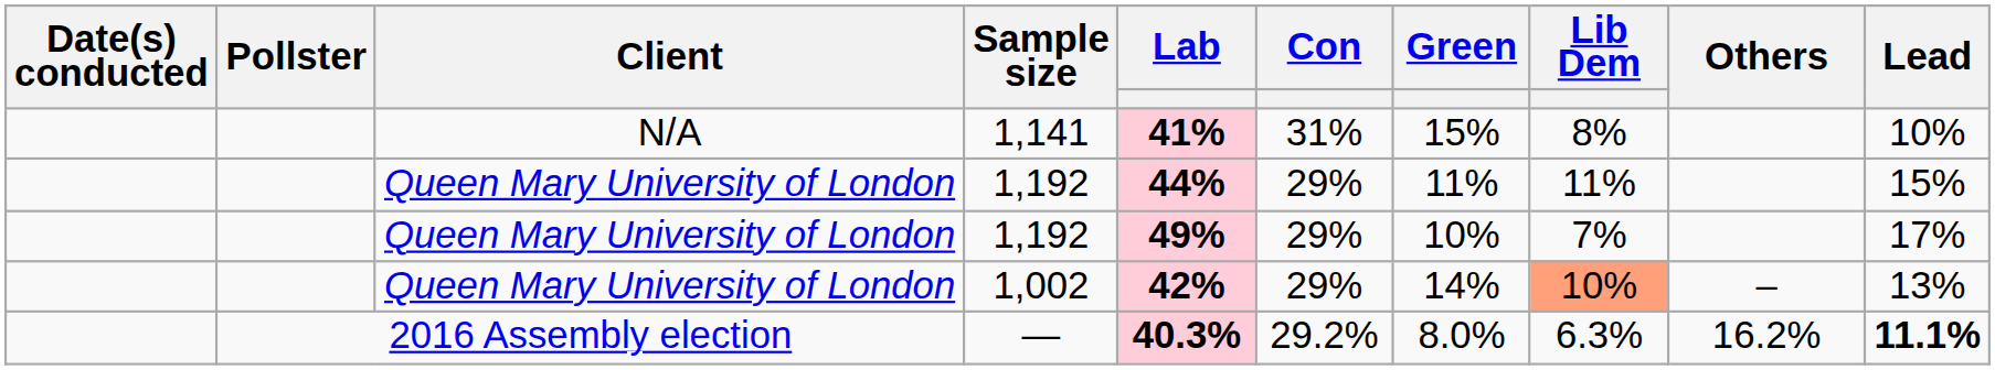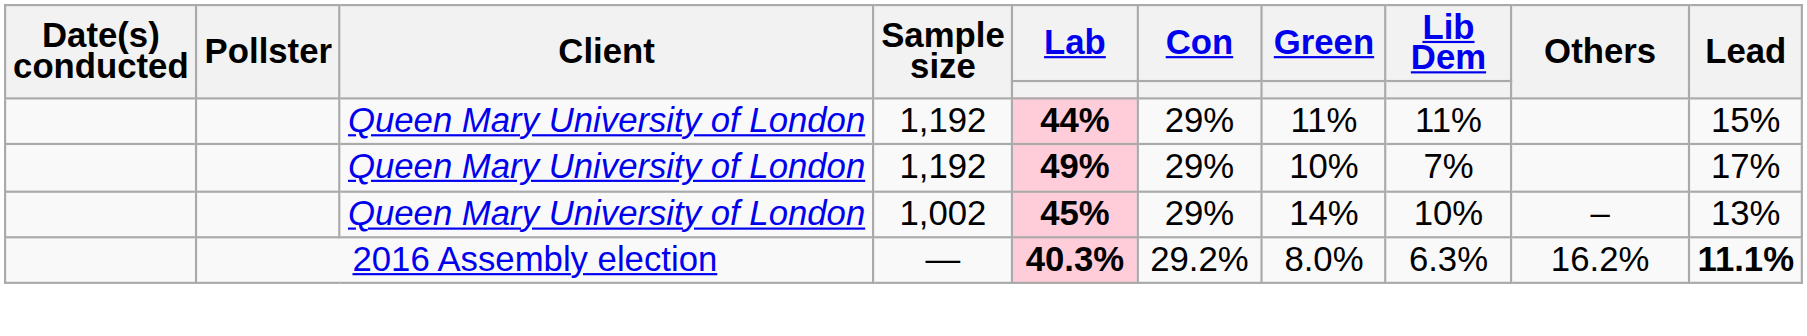 <table class="wikitable sortable mw-datatable" style="text-align:center;line-height:14px;">
 <tr>
 <th rowspan="2">Date(s)<br>conducted</th>
 <th rowspan="2">Pollster</th>
 <th rowspan="2">Client</th>
 <th rowspan="2" data-sort-type="number">Sample<br>size</th>
 <th style="width:50px;" class="unsortable"><a href='#'>Lab</a></th>
 <th style="width:50px;" class="unsortable"><a href='#'>Con</a></th>
 <th style="width:50px;" class="unsortable"><a href='#'>Green</a></th>
 <th style="width:50px;" class="unsortable"><a href='#'>Lib Dem</a></th>
 <th rowspan="2" class="unsortable" style="width:75px;">Others</th>
 <th rowspan="2" data-sort-type="number">Lead</th>
 </tr>
 <tr>
 <th data-sort-type="number" style="background:"></th>
 <th data-sort-type="number" style="background:"></th>
 <th data-sort-type="number" style="background:"></th>
 <th data-sort-type="number" style="background:"></th>
-</tr>
-<tr>
-<td></td>
-<td></td>
-<td>N/A</td>
-<td>1,141</td>
-<td style="background:#FFCCD9"><strong>41%</strong></td>
-<td>31%</td>
-<td>15%</td>
-<td>8%</td>
-<td></td>
-<td style="background:">10%</td>
 </tr>
 <tr>
 <td></td>
 <td></td>
 <td><em><a href='#'>Queen Mary University of London</a></em></td>
 <td>1,192</td>
 <td style="background:#FFCCD9"><strong>44%</strong></td>
 <td>29%</td>
 <td>11%</td>
 <td>11%</td>
 <td></td>
 <td style="background:">15%</td>
 </tr>
 <tr>
 <td></td>
 <td></td>
 <td><em><a href='#'>Queen Mary University of London</a></em></td>
 <td>1,192</td>
 <td style="background:#FFCCD9"><strong>49%</strong></td>
 <td>29%</td>
 <td>10%</td>
 <td>7%</td>
 <td></td>
 <td style="background:">17%</td>
 </tr>
 <tr>
 <td></td>
 <td></td>
 <td><em><a href='#'>Queen Mary University of London</a></em></td>
 <td>1,002</td>
-<td style="background:#FFCCD9;"><strong>42%</strong></td>
+<td style="background:#FFCCD9;"><strong>45%</strong></td>
 <td>29%</td>
 <td>14%</td>
-<td style="background: lightsalmon;">10%</td>
+<td>10%</td>
 <td>–</td>
 <td style="background:">13%</td>
 </tr>
 <tr>
 <td></td>
 <td colspan="2"><a href='#'>2016 Assembly election</a></td>
 <td>—</td>
 <td style="background:#FFCCD9;"><strong>40.3%</strong></td>
 <td>29.2%</td>
 <td>8.0%</td>
 <td>6.3%</td>
 <td>16.2%</td>
 <td style="background:"><strong>11.1%</strong></td>
 </tr>
 </table>
